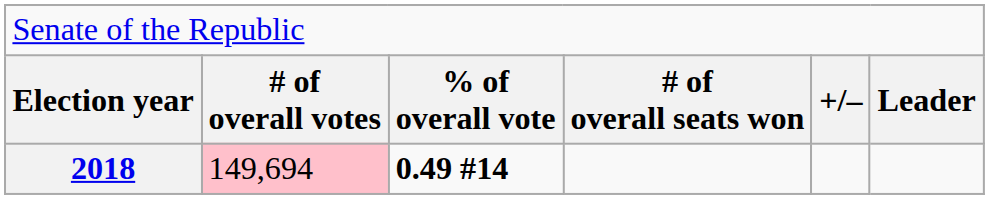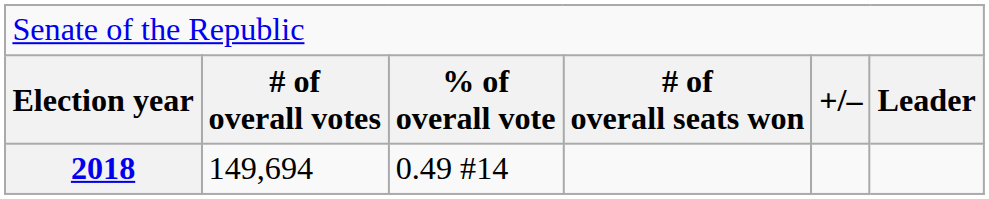 <table class=wikitable>
 <tr>
 <td colspan=6><a href='#'>Senate of the Republic</a></td>
 </tr>
 <tr>
 <th>Election year</th>
 <th># of<br>overall votes</th>
 <th>% of<br>overall vote</th>
 <th># of<br>overall seats won</th>
 <th>+/–</th>
 <th>Leader</th>
 </tr>
 <tr>
 <th><a href='#'>2018</a></th>
-<td style="background: pink;">149,694</td>
-<td><strong>0.49 #14</strong></td>
+<td>149,694</td>
+<td>0.49 #14</td>
 <td></td>
 <td></td>
 <td></td>
 </tr>
 </table>
